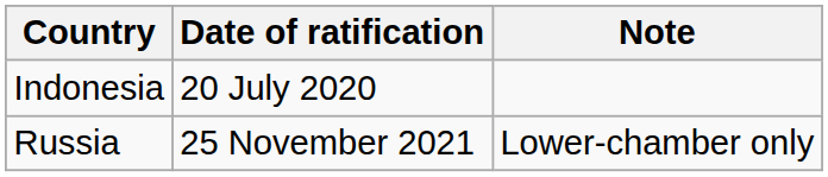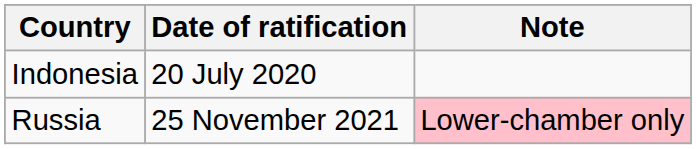 <table class="wikitable">
 <tr>
 <th>Country</th>
 <th>Date of ratification</th>
 <th>Note</th>
 </tr>
 <tr>
 <td>Indonesia</td>
 <td>20 July 2020</td>
 </tr>
 <tr>
 <td>Russia</td>
 <td>25 November 2021</td>
-<td>Lower-chamber only</td>
+<td style="background: pink;">Lower-chamber only</td>
 </tr>
 </table>
